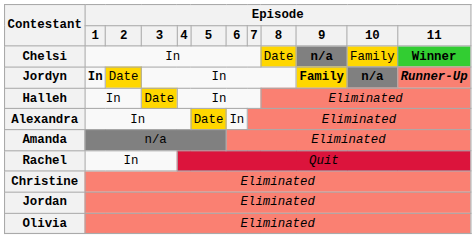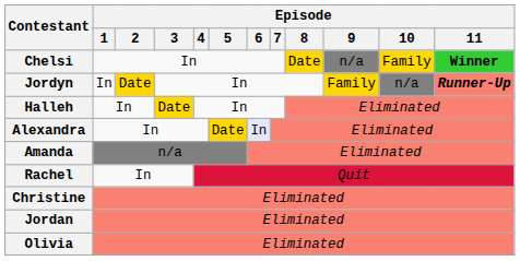 <table class="wikitable" style="text-align:center; font-size:90%;">
 <tr>
 <th rowspan="2">Contestant</th>
 <th colspan="11">Episode</th>
 </tr>
 <tr>
 <th>1</th>
 <th>2</th>
 <th>3</th>
 <th>4</th>
 <th>5</th>
 <th>6</th>
 <th>7</th>
 <th>8</th>
 <th>9</th>
 <th>10</th>
 <th>11</th>
 </tr>
 <tr>
 <th>Chelsi</th>
 <td colspan="7">In</td>
 <td style="background:gold;">Date</td>
-<td style="background:gray;"><strong>n/a</strong></td>
+<td style="background:gray;">n/a</td>
 <td style="background:gold;">Family</td>
 <td bgcolor="limegreen"><strong>Winner</strong></td>
 </tr>
 <tr>
 <th>Jordyn</th>
-<td><strong>In</strong></td>
+<td>In</td>
 <td style="background:gold;">Date</td>
 <td colspan="6">In</td>
-<td style="background:gold;"><strong>Family</strong></td>
-<td style="background:gray;"><strong>n/a</strong></td>
+<td style="background:gold;">Family</td>
+<td style="background:gray;">n/a</td>
 <td bgcolor="salmon"><strong><em>Runner-Up</em></strong></td>
 </tr>
 <tr>
 <th>Halleh</th>
 <td colspan="2">In</td>
 <td style="background:gold;">Date</td>
 <td colspan="4">In</td>
 <td style="background:salmon;" colspan="4"><em>Eliminated</em></td>
 </tr>
 <tr>
 <th>Alexandra</th>
 <td colspan="4">In</td>
 <td style="background:gold;">Date</td>
-<td>In</td>
+<td style="background: lavender;">In</td>
 <td style="background:salmon;" colspan="5"><em>Eliminated</em></td>
 </tr>
 <tr>
 <th>Amanda</th>
 <td style="background:gray;" colspan="5">n/a</td>
 <td style="background:salmon;" colspan="6"><em>Eliminated</em></td>
 </tr>
 <tr>
 <th>Rachel</th>
 <td colspan="3">In</td>
 <td style="background:crimson;" colspan="8"><span><em>Quit</em></span></td>
 </tr>
 <tr>
 <th>Christine</th>
 <td style="background:salmon;" colspan="11"><em>Eliminated</em></td>
 </tr>
 <tr>
 <th>Jordan</th>
 <td style="background:salmon;" colspan="11"><em>Eliminated</em></td>
 </tr>
 <tr>
 <th>Olivia</th>
 <td style="background:salmon;" colspan="11"><em>Eliminated</em></td>
 </tr>
 <tr>
 </tr>
 </table>
